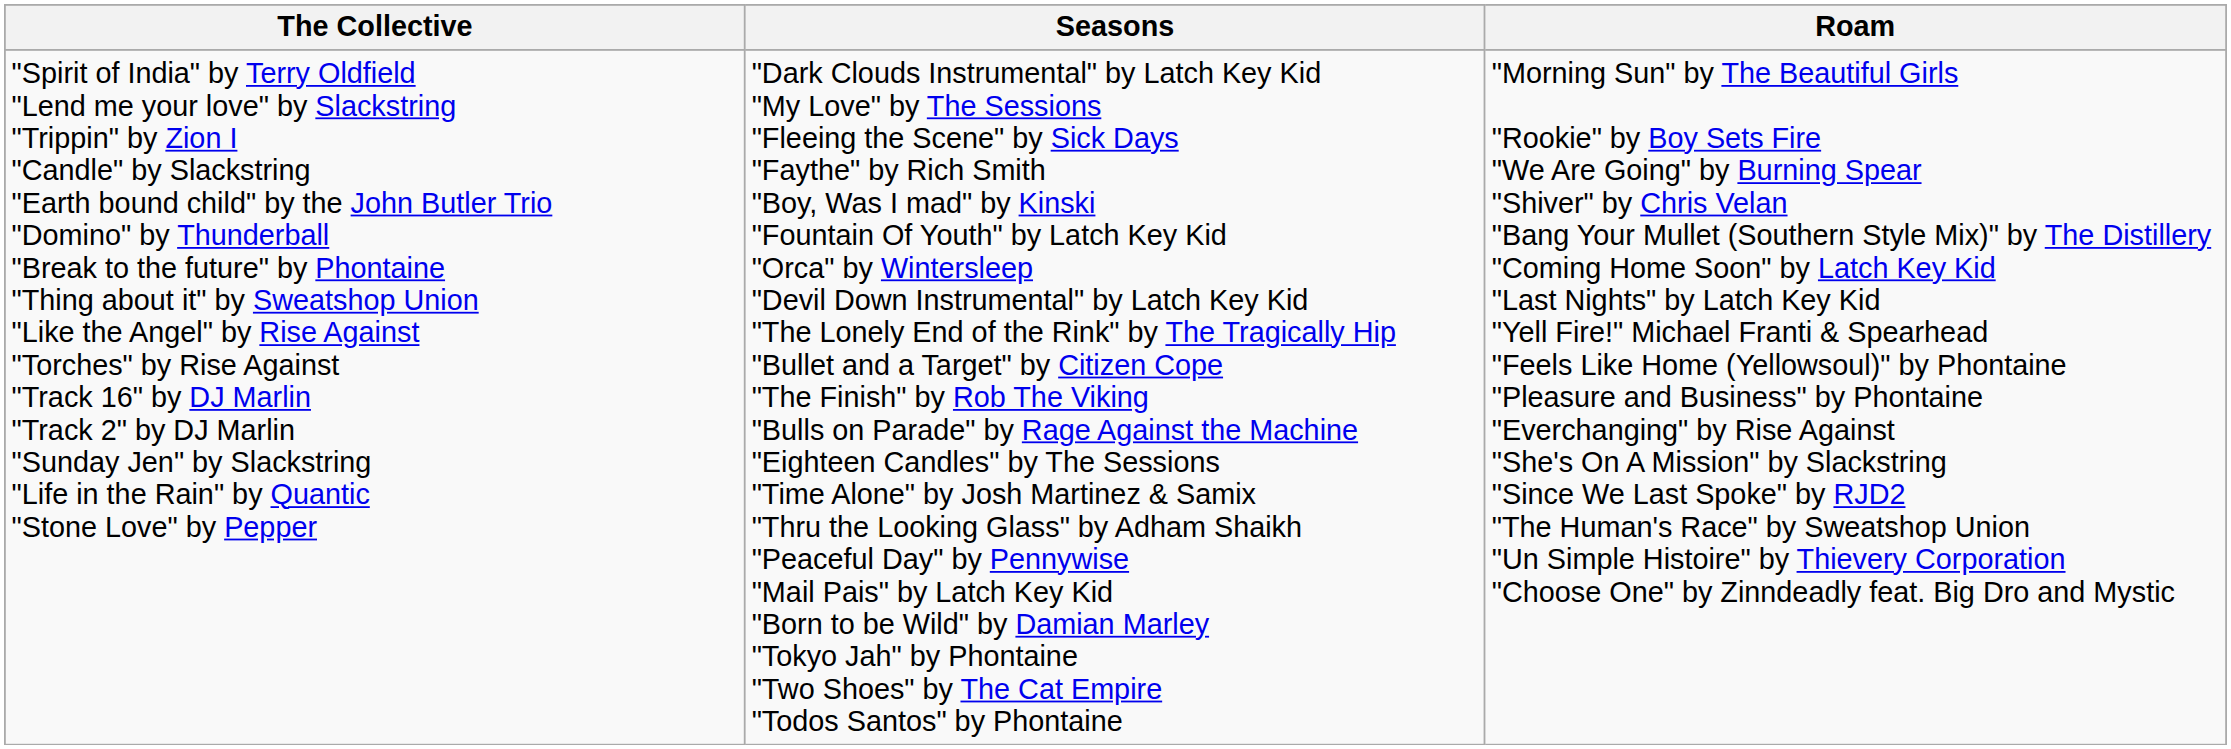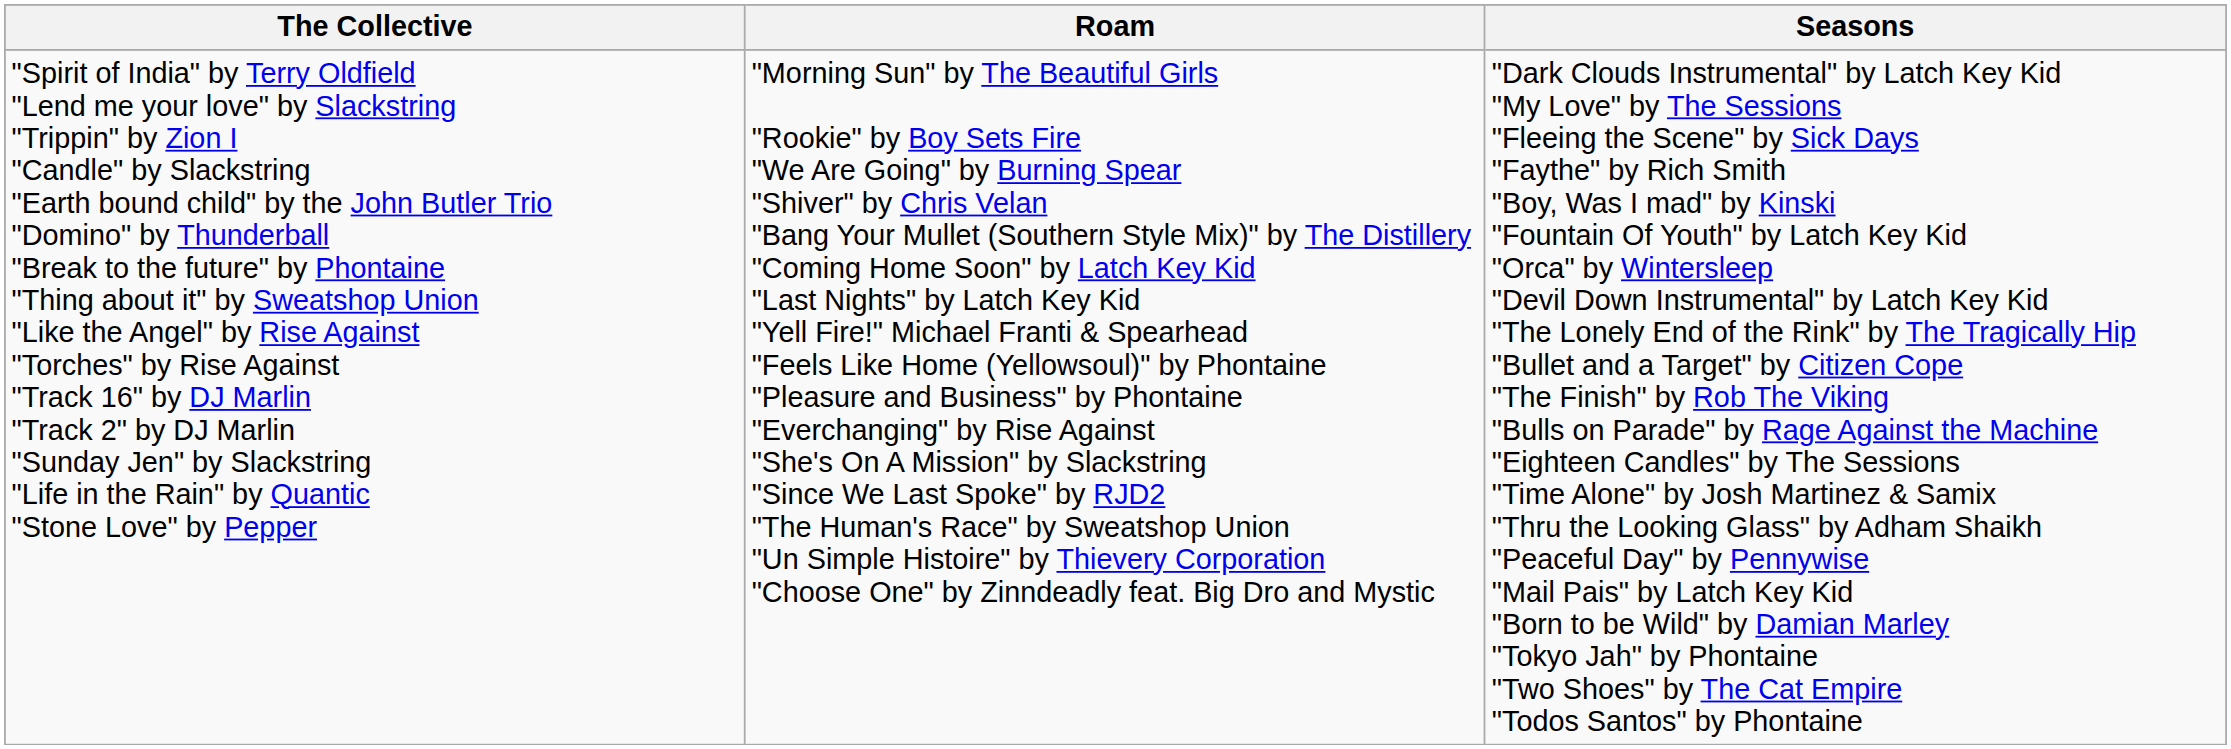 <table class="wikitable">
 <tr>
 <th width="33%">The Collective</th>
+<th width="33%">Roam</th>
 <th width="33%">Seasons</th>
-<th width="33%">Roam</th>
 </tr>
 <tr>
 <td valign="top">"Spirit of India" by <a href='#'>Terry Oldfield</a><br>"Lend me your love" by <a href='#'>Slackstring</a><br> "Trippin" by <a href='#'>Zion I</a><br> "Candle" by Slackstring<br> "Earth bound child" by the <a href='#'>John Butler Trio</a><br> "Domino" by <a href='#'>Thunderball</a><br> "Break to the future" by <a href='#'>Phontaine</a><br> "Thing about it" by <a href='#'>Sweatshop Union</a><br> "Like the Angel" by <a href='#'>Rise Against</a><br> "Torches" by Rise Against<br> "Track 16" by <a href='#'>DJ Marlin</a><br> "Track 2" by DJ Marlin<br> "Sunday Jen" by Slackstring<br> "Life in the Rain" by <a href='#'>Quantic</a><br> "Stone Love" by <a href='#'>Pepper</a></td>
+<td valign="top">"Morning Sun" by <a href='#'>The Beautiful Girls</a><br><br>"Rookie" by <a href='#'>Boy Sets Fire</a><br> "We Are Going" by <a href='#'>Burning Spear</a><br> "Shiver" by <a href='#'>Chris Velan</a><br> "Bang Your Mullet (Southern Style Mix)" by <a href='#'>The Distillery</a><br> "Coming Home Soon" by <a href='#'>Latch Key Kid</a><br> "Last Nights" by Latch Key Kid<br> "Yell Fire!" Michael Franti & Spearhead<br> "Feels Like Home (Yellowsoul)" by Phontaine<br> "Pleasure and Business" by Phontaine<br> "Everchanging" by Rise Against<br> "She's On A Mission" by Slackstring<br> "Since We Last Spoke" by <a href='#'>RJD2</a><br> "The Human's Race" by Sweatshop Union<br> "Un Simple Histoire" by <a href='#'>Thievery Corporation</a><br> "Choose One" by Zinndeadly feat. Big Dro and Mystic</td>
 <td valign="top">"Dark Clouds Instrumental" by Latch Key Kid<br>"My Love" by <a href='#'>The Sessions</a><br> "Fleeing the Scene" by <a href='#'>Sick Days</a><br> "Faythe" by Rich Smith <br> "Boy, Was I mad" by <a href='#'>Kinski</a> <br> "Fountain Of Youth" by Latch Key Kid<br> "Orca" by <a href='#'>Wintersleep</a> <br> "Devil Down Instrumental" by Latch Key Kid <br> "The Lonely End of the Rink" by <a href='#'>The Tragically Hip</a> <br> "Bullet and a Target" by <a href='#'>Citizen Cope</a> <br> "The Finish" by <a href='#'>Rob The Viking</a> <br> "Bulls on Parade" by <a href='#'>Rage Against the Machine</a> <br> "Eighteen Candles" by The Sessions <br> "Time Alone" by Josh Martinez & Samix <br> "Thru the Looking Glass" by Adham Shaikh <br> "Peaceful Day" by <a href='#'>Pennywise</a> <br> "Mail Pais" by Latch Key Kid <br> "Born to be Wild" by <a href='#'>Damian Marley</a> <br> "Tokyo Jah" by Phontaine <br> "Two Shoes" by <a href='#'>The Cat Empire</a> <br> "Todos Santos" by Phontaine</td>
-<td valign="top">"Morning Sun" by <a href='#'>The Beautiful Girls</a><br><br>"Rookie" by <a href='#'>Boy Sets Fire</a><br> "We Are Going" by <a href='#'>Burning Spear</a><br> "Shiver" by <a href='#'>Chris Velan</a><br> "Bang Your Mullet (Southern Style Mix)" by <a href='#'>The Distillery</a><br> "Coming Home Soon" by <a href='#'>Latch Key Kid</a><br> "Last Nights" by Latch Key Kid<br> "Yell Fire!" Michael Franti & Spearhead<br> "Feels Like Home (Yellowsoul)" by Phontaine<br> "Pleasure and Business" by Phontaine<br> "Everchanging" by Rise Against<br> "She's On A Mission" by Slackstring<br> "Since We Last Spoke" by <a href='#'>RJD2</a><br> "The Human's Race" by Sweatshop Union<br> "Un Simple Histoire" by <a href='#'>Thievery Corporation</a><br> "Choose One" by Zinndeadly feat. Big Dro and Mystic</td>
 </tr>
 </table>
